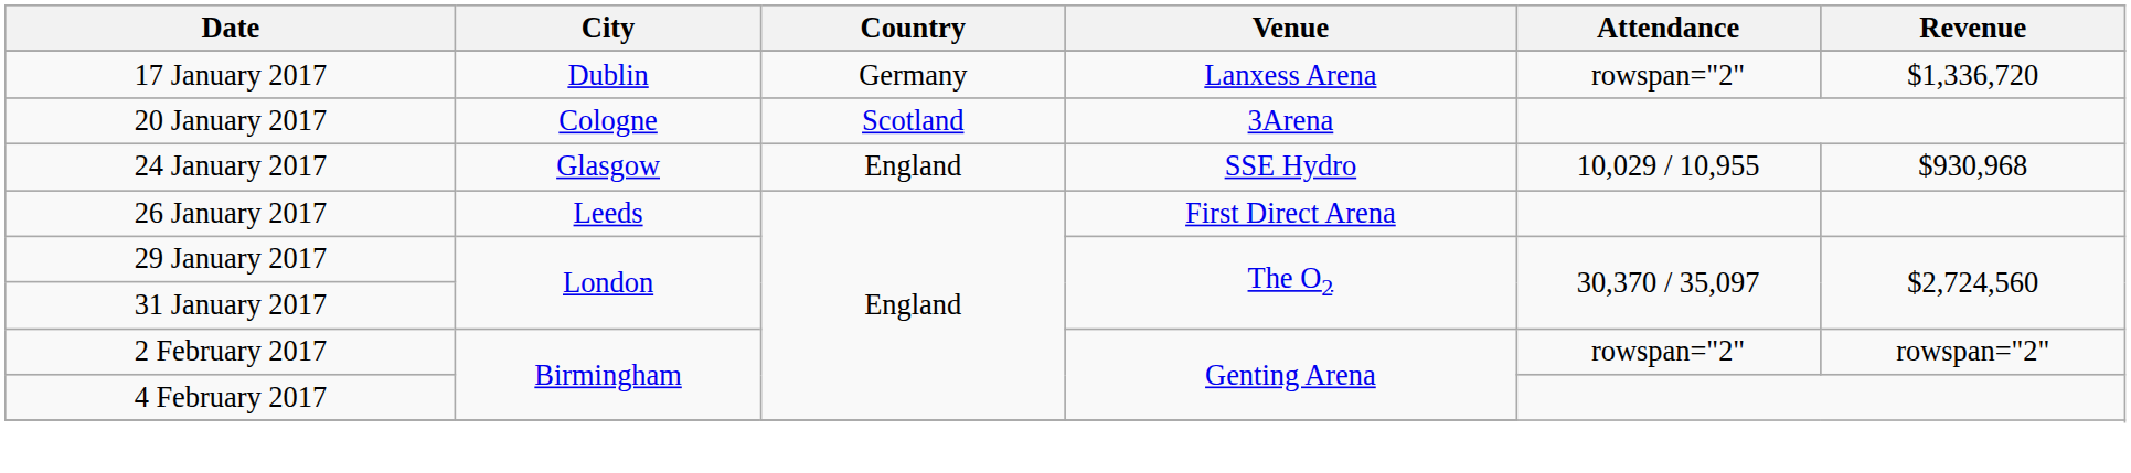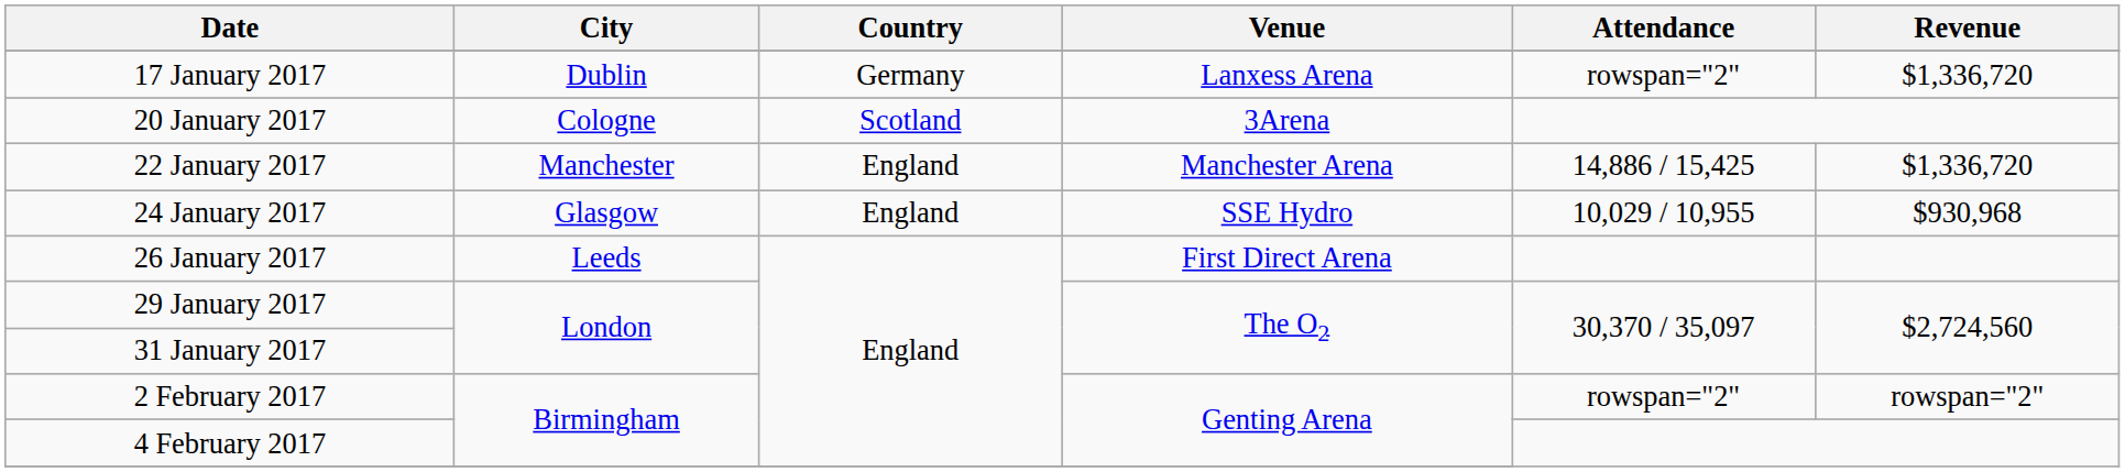 <table class="wikitable plainrowheaders" style="text-align:center;">
 <tr>
 <th scope="col" style="width:15em;">Date</th>
 <th scope="col" style="width:10em;">City</th>
 <th scope="col" style="width:10em;">Country</th>
 <th scope="col" style="width:15em;">Venue</th>
 <th scope="col" style="width:10em;">Attendance</th>
 <th scope="col" style="width:10em;">Revenue</th>
 </tr>
 <tr>
 </tr>
 <tr>
 <td>17 January 2017</td>
 <td><a href='#'>Dublin</a></td>
 <td>Germany</td>
 <td><a href='#'>Lanxess Arena</a></td>
 <td>rowspan="2" </td>
 <td>$1,336,720</td>
 </tr>
 <tr>
 <td>20 January 2017</td>
 <td><a href='#'>Cologne</a></td>
 <td><a href='#'>Scotland</a></td>
 <td><a href='#'>3Arena</a></td>
+</tr>
+<tr>
+<td>22 January 2017</td>
+<td><a href='#'>Manchester</a></td>
+<td>England</td>
+<td><a href='#'>Manchester Arena</a></td>
+<td>14,886 / 15,425</td>
+<td>$1,336,720</td>
 </tr>
 <tr>
 <td>24 January 2017</td>
 <td><a href='#'>Glasgow</a></td>
 <td>England</td>
 <td><a href='#'>SSE Hydro</a></td>
 <td>10,029 / 10,955</td>
 <td>$930,968</td>
 </tr>
 <tr>
 <td>26 January 2017</td>
 <td><a href='#'>Leeds</a></td>
 <td rowspan="5">England</td>
 <td><a href='#'>First Direct Arena</a></td>
 <td></td>
 <td></td>
 </tr>
 <tr>
 <td>29 January 2017</td>
 <td rowspan="2"><a href='#'>London</a></td>
 <td rowspan="2"><a href='#'>The O<sub>2</sub></a></td>
 <td rowspan="2">30,370 / 35,097</td>
 <td rowspan="2">$2,724,560</td>
 </tr>
 <tr>
 <td>31 January 2017</td>
 </tr>
 <tr>
 <td>2 February 2017</td>
 <td rowspan="2"><a href='#'>Birmingham</a></td>
 <td rowspan="2"><a href='#'>Genting Arena</a></td>
 <td>rowspan="2" </td>
 <td>rowspan="2" </td>
 </tr>
 <tr>
 <td>4 February 2017</td>
 </tr>
 <tr>
 </tr>
 </table>
